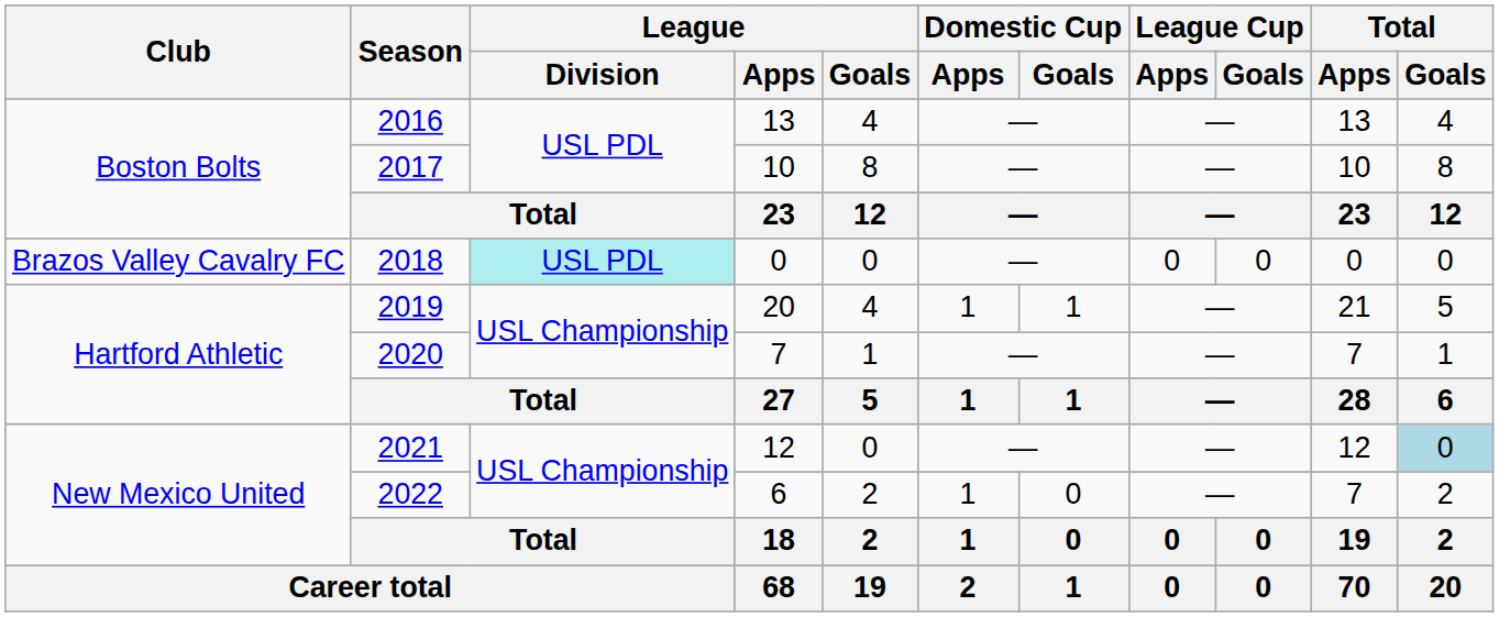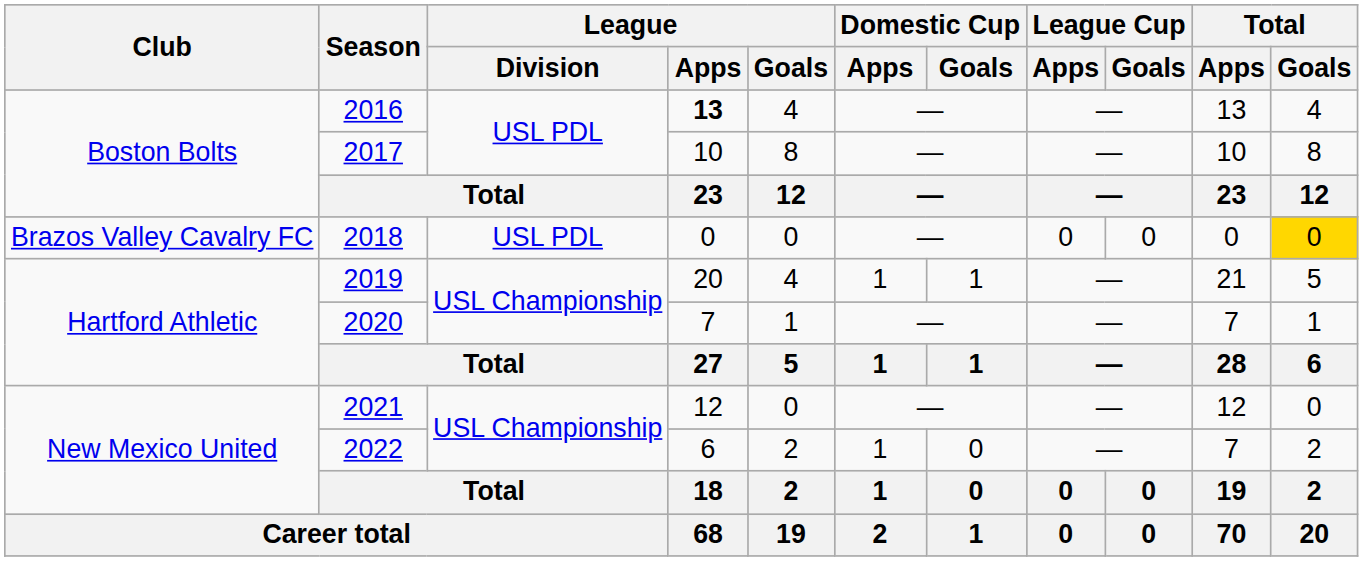 <table class="wikitable" style="text-align: center;">
 <tr>
 <th rowspan="2">Club</th>
 <th rowspan="2">Season</th>
 <th colspan="3">League</th>
 <th colspan="2">Domestic Cup</th>
 <th colspan="2">League Cup</th>
 <th colspan="2">Total</th>
 </tr>
 <tr>
 <th>Division</th>
 <th>Apps</th>
 <th>Goals</th>
 <th>Apps</th>
 <th>Goals</th>
 <th>Apps</th>
 <th>Goals</th>
 <th>Apps</th>
 <th>Goals</th>
 </tr>
 <tr>
 <td rowspan="3"><a href='#'>Boston Bolts</a></td>
 <td><a href='#'>2016</a></td>
 <td rowspan="2"><a href='#'>USL PDL</a></td>
-<td>13</td>
+<td><strong>13</strong></td>
 <td>4</td>
 <td colspan="2">—</td>
 <td colspan="2">—</td>
 <td>13</td>
 <td>4</td>
 </tr>
 <tr>
 <td><a href='#'>2017</a></td>
 <td>10</td>
 <td>8</td>
 <td colspan="2">—</td>
 <td colspan="2">—</td>
 <td>10</td>
 <td>8</td>
 </tr>
 <tr>
 <th colspan="2">Total</th>
 <th>23</th>
 <th>12</th>
 <th colspan="2">—</th>
 <th colspan="2">—</th>
 <th>23</th>
 <th>12</th>
 </tr>
 <tr>
 <td><a href='#'>Brazos Valley Cavalry FC</a></td>
 <td><a href='#'>2018</a></td>
-<td style="background: paleturquoise;"><a href='#'>USL PDL</a></td>
+<td><a href='#'>USL PDL</a></td>
 <td>0</td>
 <td>0</td>
 <td colspan="2">—</td>
 <td>0</td>
 <td>0</td>
 <td>0</td>
-<td>0</td>
+<td style="background: gold;">0</td>
 </tr>
 <tr>
 <td rowspan="3"><a href='#'>Hartford Athletic</a></td>
 <td><a href='#'>2019</a></td>
 <td rowspan="2"><a href='#'>USL Championship</a></td>
 <td>20</td>
 <td>4</td>
 <td>1</td>
 <td>1</td>
 <td colspan="2">—</td>
 <td>21</td>
 <td>5</td>
 </tr>
 <tr>
 <td><a href='#'>2020</a></td>
 <td>7</td>
 <td>1</td>
 <td colspan="2">—</td>
 <td colspan="2">—</td>
 <td>7</td>
 <td>1</td>
 </tr>
 <tr>
 <th colspan="2">Total</th>
 <th>27</th>
 <th>5</th>
 <th>1</th>
 <th>1</th>
 <th colspan="2">—</th>
 <th>28</th>
 <th>6</th>
 </tr>
 <tr>
 <td rowspan="3"><a href='#'>New Mexico United</a></td>
 <td><a href='#'>2021</a></td>
 <td rowspan="2"><a href='#'>USL Championship</a></td>
 <td>12</td>
 <td>0</td>
 <td colspan="2">—</td>
 <td colspan="2">—</td>
 <td>12</td>
-<td style="background: lightblue;">0</td>
+<td>0</td>
 </tr>
 <tr>
 <td><a href='#'>2022</a></td>
 <td>6</td>
 <td>2</td>
 <td>1</td>
 <td>0</td>
 <td colspan="2">—</td>
 <td>7</td>
 <td>2</td>
 </tr>
 <tr>
 <th colspan="2">Total</th>
 <th>18</th>
 <th>2</th>
 <th>1</th>
 <th>0</th>
 <th>0</th>
 <th>0</th>
 <th>19</th>
 <th>2</th>
 </tr>
 <tr>
 <th colspan="3">Career total</th>
 <th>68</th>
 <th>19</th>
 <th>2</th>
 <th>1</th>
 <th>0</th>
 <th>0</th>
 <th>70</th>
 <th>20</th>
 </tr>
 </table>
